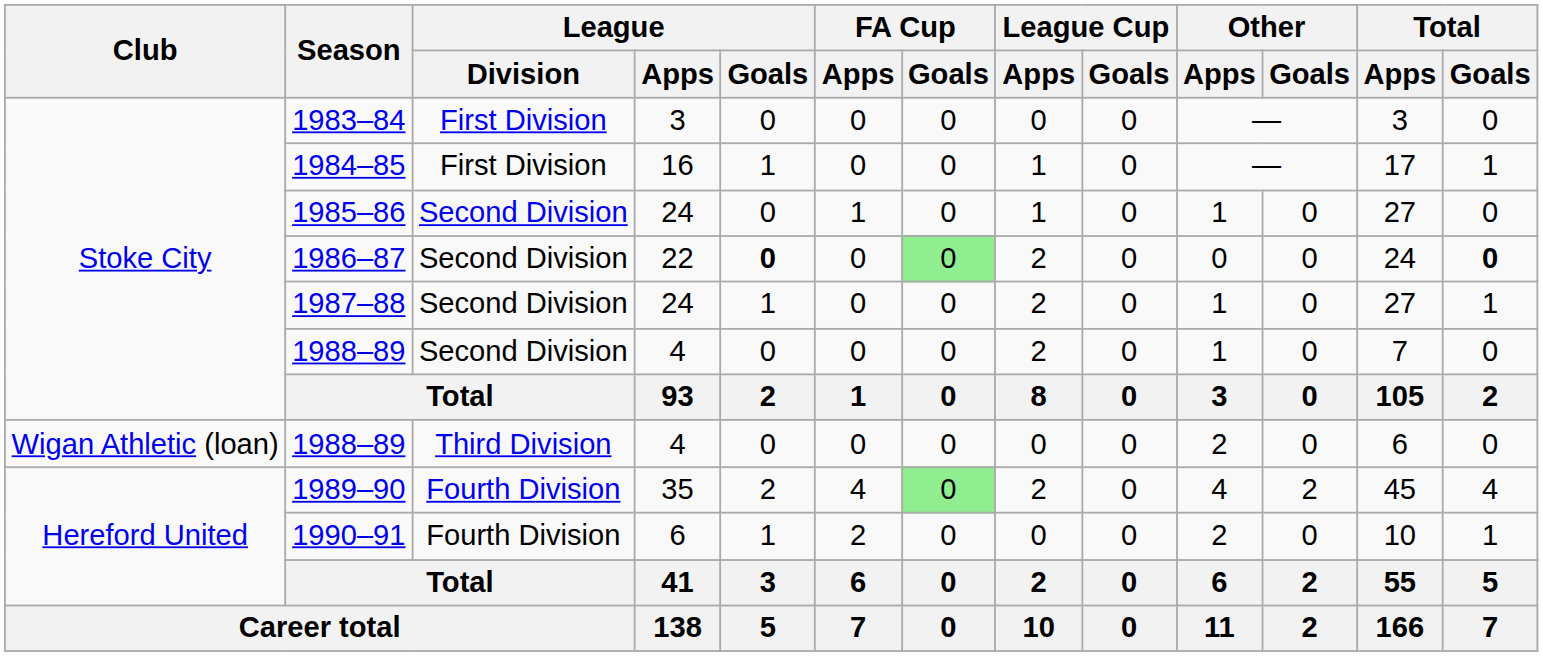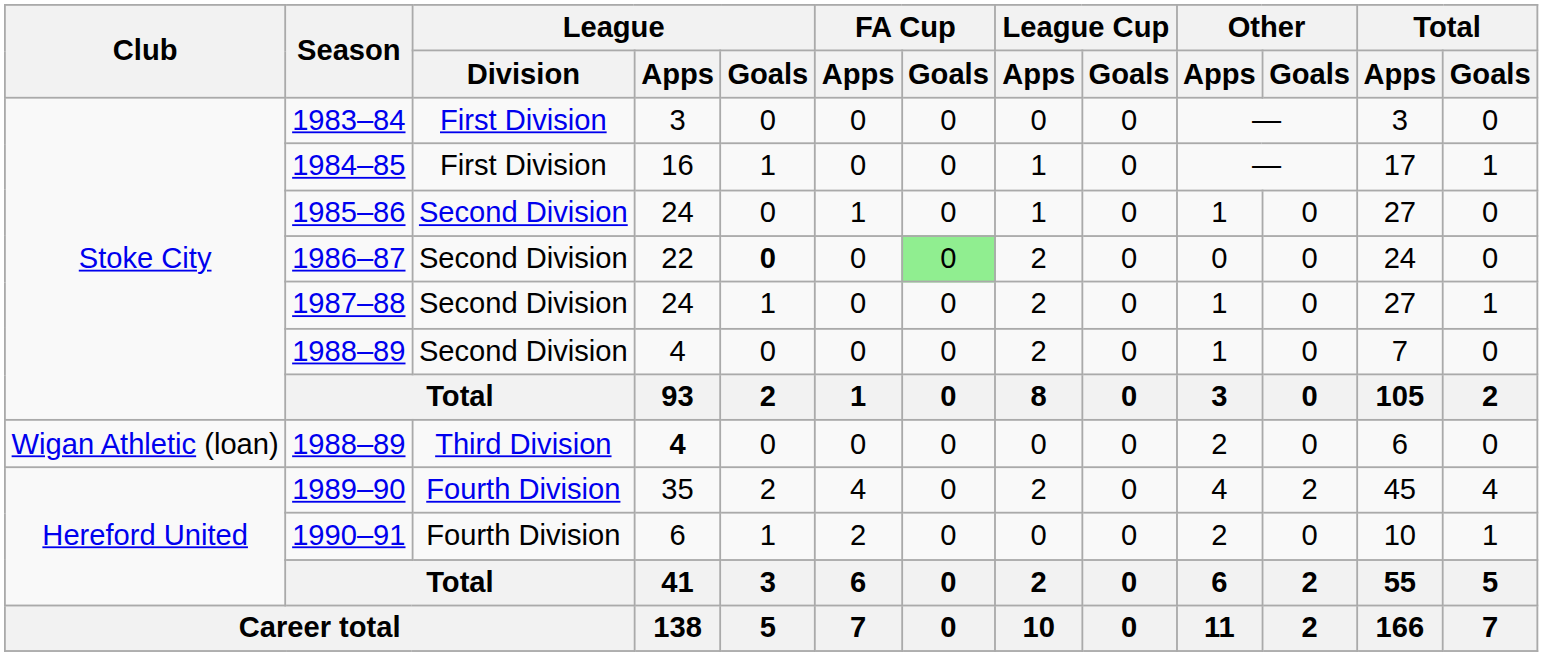 <table class="wikitable" style="text-align: center;">
 <tr>
 <th rowspan="2">Club</th>
 <th rowspan="2">Season</th>
 <th colspan="3">League</th>
 <th colspan="2">FA Cup</th>
 <th colspan="2">League Cup</th>
 <th colspan="2">Other</th>
 <th colspan="2">Total</th>
 </tr>
 <tr>
 <th>Division</th>
 <th>Apps</th>
 <th>Goals</th>
 <th>Apps</th>
 <th>Goals</th>
 <th>Apps</th>
 <th>Goals</th>
 <th>Apps</th>
 <th>Goals</th>
 <th>Apps</th>
 <th>Goals</th>
 </tr>
 <tr>
 <td rowspan="7"><a href='#'>Stoke City</a></td>
 <td><a href='#'>1983–84</a></td>
 <td><a href='#'>First Division</a></td>
 <td>3</td>
 <td>0</td>
 <td>0</td>
 <td>0</td>
 <td>0</td>
 <td>0</td>
 <td colspan="2">—</td>
 <td>3</td>
 <td>0</td>
 </tr>
 <tr>
 <td><a href='#'>1984–85</a></td>
 <td>First Division</td>
 <td>16</td>
 <td>1</td>
 <td>0</td>
 <td>0</td>
 <td>1</td>
 <td>0</td>
 <td colspan="2">—</td>
 <td>17</td>
 <td>1</td>
 </tr>
 <tr>
 <td><a href='#'>1985–86</a></td>
 <td><a href='#'>Second Division</a></td>
 <td>24</td>
 <td>0</td>
 <td>1</td>
 <td>0</td>
 <td>1</td>
 <td>0</td>
 <td>1</td>
 <td>0</td>
 <td>27</td>
 <td>0</td>
 </tr>
 <tr>
 <td><a href='#'>1986–87</a></td>
 <td>Second Division</td>
 <td>22</td>
 <td><strong>0</strong></td>
 <td>0</td>
 <td style="background: lightgreen;">0</td>
 <td>2</td>
 <td>0</td>
 <td>0</td>
 <td>0</td>
 <td>24</td>
-<td><strong>0</strong></td>
+<td>0</td>
 </tr>
 <tr>
 <td><a href='#'>1987–88</a></td>
 <td>Second Division</td>
 <td>24</td>
 <td>1</td>
 <td>0</td>
 <td>0</td>
 <td>2</td>
 <td>0</td>
 <td>1</td>
 <td>0</td>
 <td>27</td>
 <td>1</td>
 </tr>
 <tr>
 <td><a href='#'>1988–89</a></td>
 <td>Second Division</td>
 <td>4</td>
 <td>0</td>
 <td>0</td>
 <td>0</td>
 <td>2</td>
 <td>0</td>
 <td>1</td>
 <td>0</td>
 <td>7</td>
 <td>0</td>
 </tr>
 <tr>
 <th colspan=2>Total</th>
 <th>93</th>
 <th>2</th>
 <th>1</th>
 <th>0</th>
 <th>8</th>
 <th>0</th>
 <th>3</th>
 <th>0</th>
 <th>105</th>
 <th>2</th>
 </tr>
 <tr>
 <td><a href='#'>Wigan Athletic</a> (loan)</td>
 <td><a href='#'>1988–89</a></td>
 <td><a href='#'>Third Division</a></td>
-<td>4</td>
+<td><strong>4</strong></td>
 <td>0</td>
 <td>0</td>
 <td>0</td>
 <td>0</td>
 <td>0</td>
 <td>2</td>
 <td>0</td>
 <td>6</td>
 <td>0</td>
 </tr>
 <tr>
 <td rowspan="3"><a href='#'>Hereford United</a></td>
 <td><a href='#'>1989–90</a></td>
 <td><a href='#'>Fourth Division</a></td>
 <td>35</td>
 <td>2</td>
 <td>4</td>
-<td style="background: lightgreen;">0</td>
+<td>0</td>
 <td>2</td>
 <td>0</td>
 <td>4</td>
 <td>2</td>
 <td>45</td>
 <td>4</td>
 </tr>
 <tr>
 <td><a href='#'>1990–91</a></td>
 <td>Fourth Division</td>
 <td>6</td>
 <td>1</td>
 <td>2</td>
 <td>0</td>
 <td>0</td>
 <td>0</td>
 <td>2</td>
 <td>0</td>
 <td>10</td>
 <td>1</td>
 </tr>
 <tr>
 <th colspan=2>Total</th>
 <th>41</th>
 <th>3</th>
 <th>6</th>
 <th>0</th>
 <th>2</th>
 <th>0</th>
 <th>6</th>
 <th>2</th>
 <th>55</th>
 <th>5</th>
 </tr>
 <tr>
 <th colspan=3>Career total</th>
 <th>138</th>
 <th>5</th>
 <th>7</th>
 <th>0</th>
 <th>10</th>
 <th>0</th>
 <th>11</th>
 <th>2</th>
 <th>166</th>
 <th>7</th>
 </tr>
 </table>
